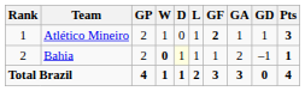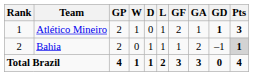 <table class="wikitable" style="text-align: center;">
 <tr>
 <th>Rank</th>
 <th>Team</th>
 <th>GP</th>
 <th>W</th>
 <th>D</th>
 <th>L</th>
 <th>GF</th>
 <th>GA</th>
 <th>GD</th>
 <th>Pts</th>
 </tr>
 <tr>
 <td>1</td>
 <td align="left"> <a href='#'>Atlético Mineiro</a></td>
 <td>2</td>
 <td>1</td>
 <td>0</td>
 <td>1</td>
-<td><strong>2</strong></td>
+<td>2</td>
 <td>1</td>
-<td>1</td>
+<td><strong>1</strong></td>
 <td><strong>3</strong></td>
 </tr>
 <tr>
 <td>2</td>
 <td align="left"> <a href='#'>Bahia</a></td>
 <td>2</td>
-<td><strong>0</strong></td>
-<td style="background: lightyellow;">1</td>
+<td>0</td>
+<td>1</td>
 <td>1</td>
 <td>1</td>
 <td>2</td>
 <td>–1</td>
-<td><strong>1</strong></td>
+<td style="background: lightgrey;"><strong>1</strong></td>
 </tr>
 <tr>
 <td align="left" colspan=2><strong>Total Brazil</strong></td>
 <td><strong>4</strong></td>
 <td><strong>1</strong></td>
 <td><strong>1</strong></td>
 <td><strong>2</strong></td>
 <td><strong>3</strong></td>
 <td><strong>3</strong></td>
 <td><strong>0</strong></td>
 <td><strong>4</strong></td>
 </tr>
 </table>
